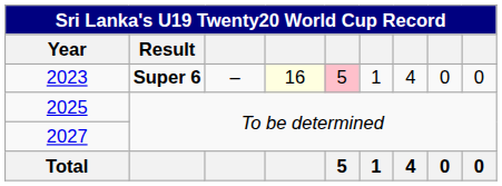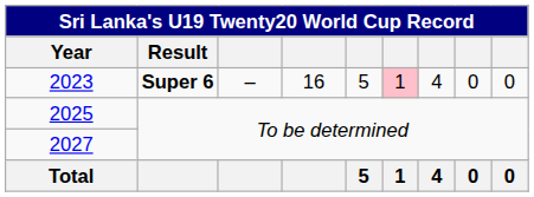 <table class="wikitable" style="font-size:90%; text-align:center">
 <tr>
 <th style="color:white; background:#000080;" colspan=9>Sri Lanka's U19 Twenty20 World Cup Record</th>
 </tr>
 <tr>
 <th width="90">Year</th>
 <th>Result</th>
 <th width="40"></th>
 <th width="40"></th>
 <th width="20"></th>
 <th width="20"></th>
 <th width="20"></th>
 <th width="20"></th>
 <th width="20"></th>
 </tr>
 <tr>
 <td> <a href='#'>2023</a></td>
 <td><strong>Super 6</strong></td>
 <td>–</td>
-<td style="background: lightyellow;">16</td>
-<td style="background: pink;">5</td>
-<td>1</td>
+<td>16</td>
+<td>5</td>
+<td style="background: pink;">1</td>
 <td>4</td>
 <td>0</td>
 <td>0</td>
 </tr>
 <tr>
 <td> <a href='#'>2025</a></td>
 <td colspan="8" rowspan="2"><em>To be determined</em></td>
 </tr>
 <tr>
 <td> <a href='#'>2027</a></td>
 </tr>
 <tr>
 <th>Total</th>
 <th></th>
 <th></th>
 <th></th>
 <th>5</th>
 <th>1</th>
 <th>4</th>
 <th>0</th>
 <th>0</th>
 </tr>
 </table>
